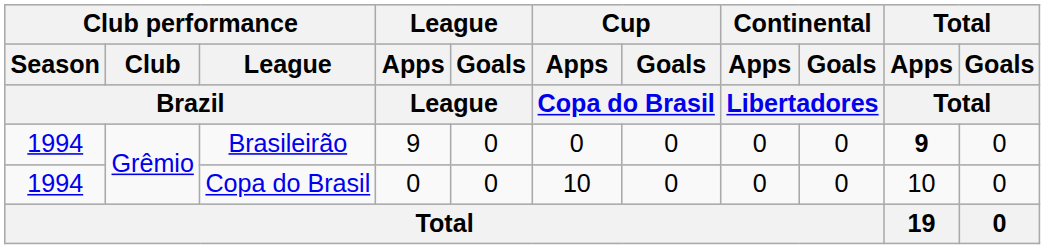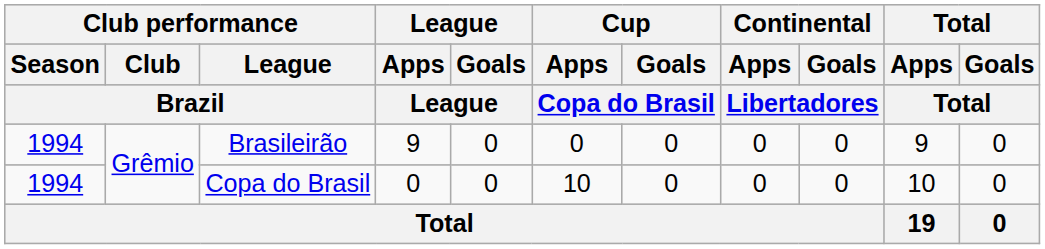 <table class="wikitable" style="text-align:center;">
 <tr>
 <th colspan=3>Club performance</th>
 <th colspan=2>League</th>
 <th colspan=2>Cup</th>
 <th colspan=2>Continental</th>
 <th colspan=2>Total</th>
 </tr>
 <tr>
 <th>Season</th>
 <th>Club</th>
 <th>League</th>
 <th>Apps</th>
 <th>Goals</th>
 <th>Apps</th>
 <th>Goals</th>
 <th>Apps</th>
 <th>Goals</th>
 <th>Apps</th>
 <th>Goals</th>
 </tr>
 <tr>
 <th colspan=3>Brazil</th>
 <th colspan=2>League</th>
 <th colspan=2><a href='#'>Copa do Brasil</a></th>
 <th colspan=2><a href='#'>Libertadores</a></th>
 <th colspan=2>Total</th>
 </tr>
 <tr>
 <td><a href='#'>1994</a></td>
 <td rowspan="2"><a href='#'>Grêmio</a></td>
 <td><a href='#'>Brasileirão</a></td>
 <td>9</td>
 <td>0</td>
 <td>0</td>
 <td>0</td>
 <td>0</td>
 <td>0</td>
-<td><strong>9</strong></td>
+<td>9</td>
 <td>0</td>
 </tr>
 <tr>
 <td><a href='#'>1994</a></td>
 <td><a href='#'>Copa do Brasil</a></td>
 <td>0</td>
 <td>0</td>
 <td>10</td>
 <td>0</td>
 <td>0</td>
 <td>0</td>
 <td>10</td>
 <td>0</td>
 </tr>
 <tr>
 <th colspan=9>Total</th>
 <th>19</th>
 <th>0</th>
 </tr>
 </table>
